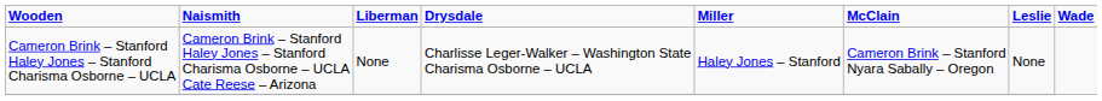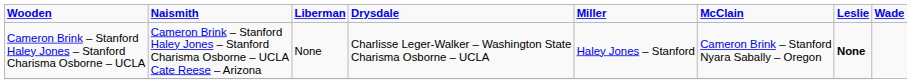 <table class="wikitable" style="white-space:nowrap; font-size:90%;">
 <tr>
 <td><strong><a href='#'>Wooden</a></strong></td>
 <td><strong><a href='#'>Naismith</a></strong></td>
 <td><strong><a href='#'>Liberman</a></strong></td>
 <td><strong><a href='#'>Drysdale</a></strong></td>
 <td><strong><a href='#'>Miller</a></strong></td>
 <td><strong><a href='#'>McClain</a></strong></td>
 <td><strong><a href='#'>Leslie</a></strong></td>
 <td><strong><a href='#'>Wade</a></strong></td>
 </tr>
 <tr>
 <td><a href='#'>Cameron Brink</a> – Stanford<br><a href='#'>Haley Jones</a> – Stanford<br>Charisma Osborne – UCLA</td>
 <td><a href='#'>Cameron Brink</a> – Stanford<br><a href='#'>Haley Jones</a> – Stanford<br>Charisma Osborne – UCLA<br><a href='#'>Cate Reese</a> – Arizona</td>
 <td>None</td>
 <td>Charlisse Leger-Walker – Washington State<br>Charisma Osborne – UCLA</td>
 <td><a href='#'>Haley Jones</a> – Stanford</td>
 <td><a href='#'>Cameron Brink</a> – Stanford<br>Nyara Sabally – Oregon</td>
-<td>None</td>
+<td><strong>None</strong></td>
 </tr>
 <tr>
 </tr>
 </table>
